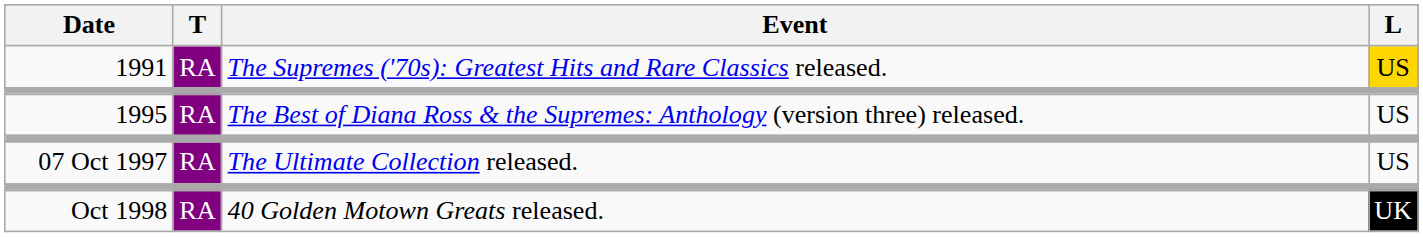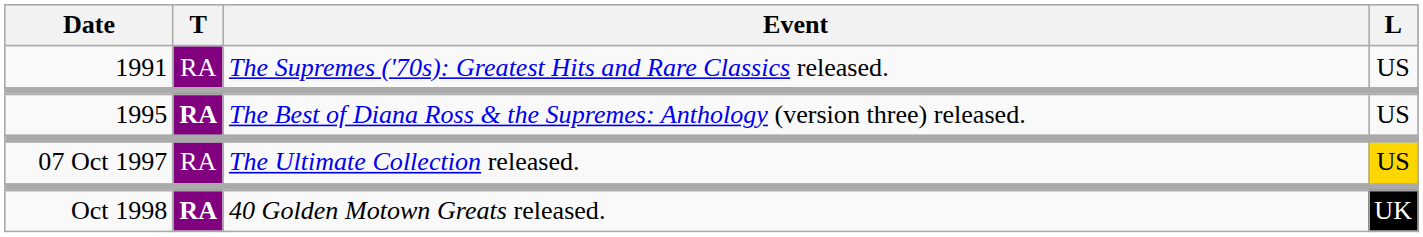 <table class="wikitable" style="text-align: center">
 <tr>
 <th style="width:12ch">Date</th>
 <th style="width:1%">T</th>
 <th>Event</th>
 <th style="width:2%">L</th>
 </tr>
 <tr>
 <td style="text-align: right">1991</td>
 <td style="background:purple; color: white">RA</td>
 <td style="text-align:left;"><em><a href='#'>The Supremes ('70s): Greatest Hits and Rare Classics</a></em> released.</td>
-<td style="background: gold;">US</td>
+<td>US</td>
 </tr>
 <tr>
 <td colspan="6" style="background: #aaa; height: 3px; padding: 0 !important"></td>
 </tr>
 <tr>
 <td style="text-align: right">1995</td>
-<td style="background:purple; color: white">RA</td>
+<td style="background:purple; color: white"><strong>RA</strong></td>
 <td style="text-align:left;"><em><a href='#'>The Best of Diana Ross & the Supremes: Anthology</a></em> (version three) released.</td>
 <td>US</td>
 </tr>
 <tr>
 <td colspan="6" style="background: #aaa; height: 3px; padding: 0 !important"></td>
 </tr>
 <tr>
 <td style="text-align: right">07 Oct 1997</td>
 <td style="background:purple; color: white">RA</td>
 <td style="text-align:left;"><em><a href='#'>The Ultimate Collection</a></em> released.</td>
-<td>US</td>
+<td style="background: gold;">US</td>
 </tr>
 <tr>
 <td colspan="6" style="background: #aaa; height: 3px; padding: 0 !important"></td>
 </tr>
 <tr>
 <td style="text-align: right">Oct 1998</td>
-<td style="background:purple; color: white">RA</td>
+<td style="background:purple; color: white"><strong>RA</strong></td>
 <td style="text-align:left;"><em>40 Golden Motown Greats</em> released.</td>
 <td style="background:black; color: white">UK</td>
 </tr>
 </table>
